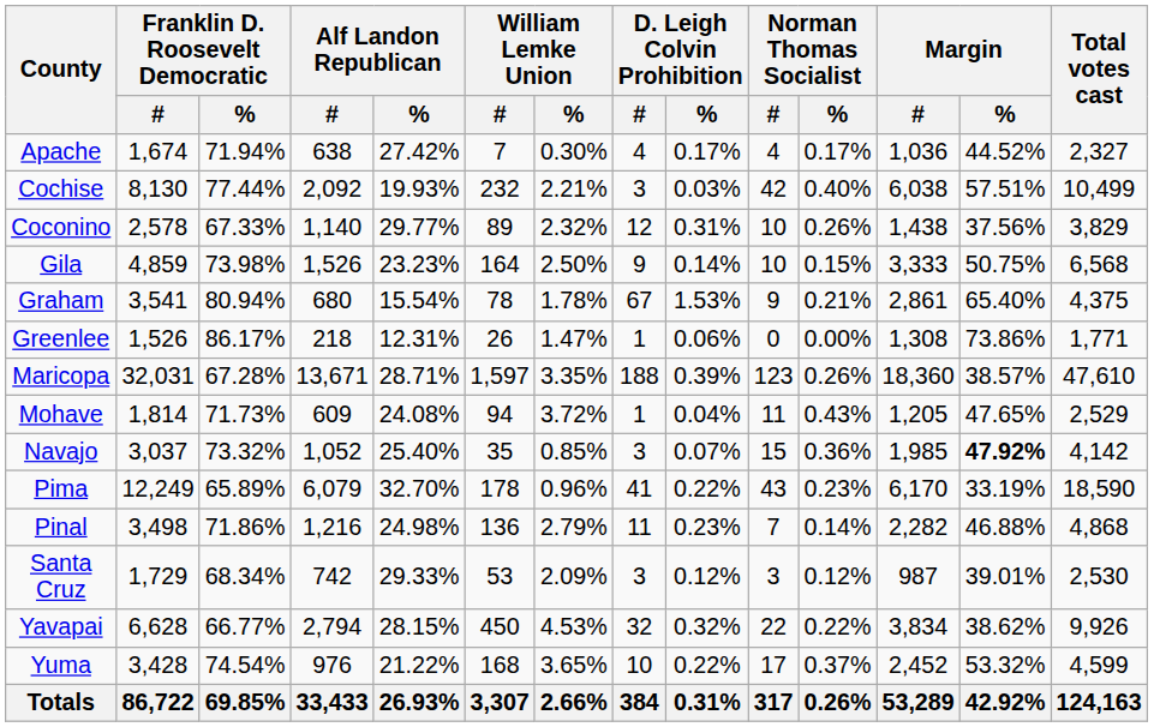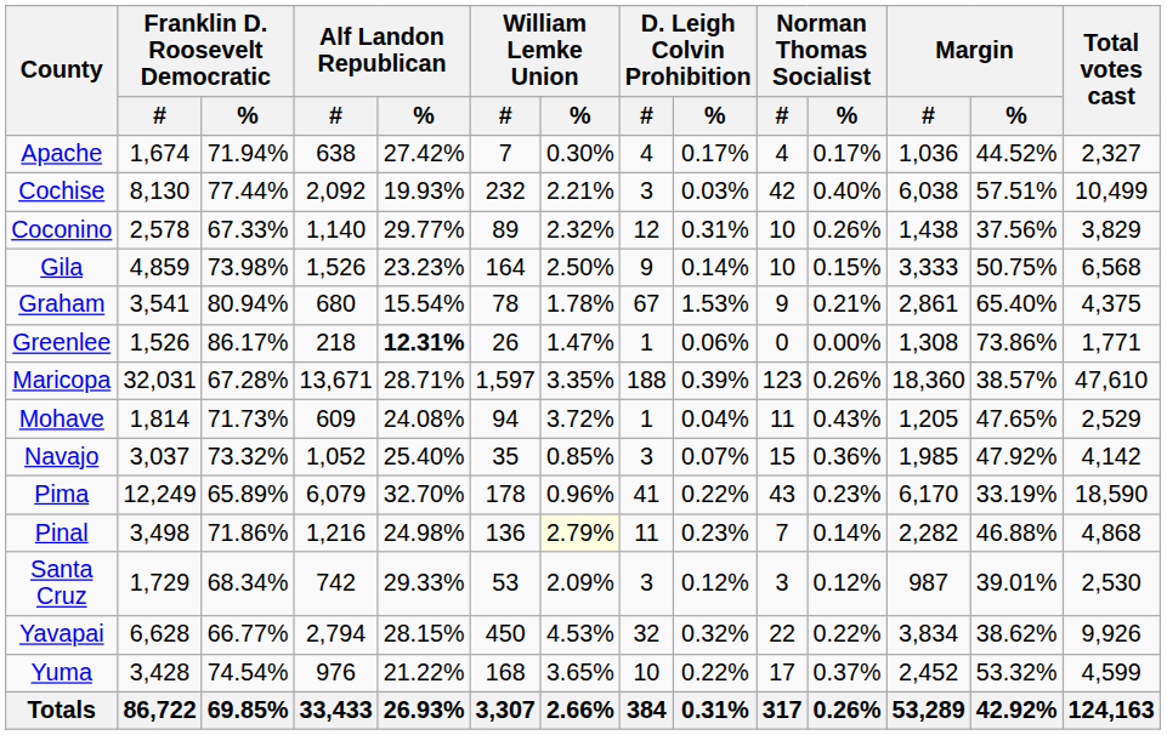 <table width="60%" class="wikitable sortable" style="text-align:center">
 <tr>
 <th style="text-align:center;" rowspan="2">County</th>
 <th style="text-align:center;" colspan="2">Franklin D. Roosevelt<br>Democratic</th>
 <th style="text-align:center;" colspan="2">Alf Landon<br>Republican</th>
 <th style="text-align:center;" colspan="2">William Lemke<br>Union</th>
 <th style="text-align:center;" colspan="2">D. Leigh Colvin<br>Prohibition</th>
 <th style="text-align:center;" colspan="2">Norman Thomas<br>Socialist</th>
 <th style="text-align:center;" colspan="2">Margin</th>
 <th style="text-align:center;" rowspan="2">Total votes cast</th>
 </tr>
 <tr>
 <th style="text-align:center;" data-sort-type="number">#</th>
 <th style="text-align:center;" data-sort-type="number">%</th>
 <th style="text-align:center;" data-sort-type="number">#</th>
 <th style="text-align:center;" data-sort-type="number">%</th>
 <th style="text-align:center;" data-sort-type="number">#</th>
 <th style="text-align:center;" data-sort-type="number">%</th>
 <th style="text-align:center;" data-sort-type="number">#</th>
 <th style="text-align:center;" data-sort-type="number">%</th>
 <th style="text-align:center;" data-sort-type="number">#</th>
 <th style="text-align:center;" data-sort-type="number">%</th>
 <th style="text-align:center;" data-sort-type="number">#</th>
 <th style="text-align:center;" data-sort-type="number">%</th>
 </tr>
 <tr style="text-align:center;">
 <td><a href='#'>Apache</a></td>
 <td>1,674</td>
 <td>71.94%</td>
 <td>638</td>
 <td>27.42%</td>
 <td>7</td>
 <td>0.30%</td>
 <td>4</td>
 <td>0.17%</td>
 <td>4</td>
 <td>0.17%</td>
 <td>1,036</td>
 <td>44.52%</td>
 <td>2,327</td>
 </tr>
 <tr style="text-align:center;">
 <td><a href='#'>Cochise</a></td>
 <td>8,130</td>
 <td>77.44%</td>
 <td>2,092</td>
 <td>19.93%</td>
 <td>232</td>
 <td>2.21%</td>
 <td>3</td>
 <td>0.03%</td>
 <td>42</td>
 <td>0.40%</td>
 <td>6,038</td>
 <td>57.51%</td>
 <td>10,499</td>
 </tr>
 <tr style="text-align:center;">
 <td><a href='#'>Coconino</a></td>
 <td>2,578</td>
 <td>67.33%</td>
 <td>1,140</td>
 <td>29.77%</td>
 <td>89</td>
 <td>2.32%</td>
 <td>12</td>
 <td>0.31%</td>
 <td>10</td>
 <td>0.26%</td>
 <td>1,438</td>
 <td>37.56%</td>
 <td>3,829</td>
 </tr>
 <tr style="text-align:center;">
 <td><a href='#'>Gila</a></td>
 <td>4,859</td>
 <td>73.98%</td>
 <td>1,526</td>
 <td>23.23%</td>
 <td>164</td>
 <td>2.50%</td>
 <td>9</td>
 <td>0.14%</td>
 <td>10</td>
 <td>0.15%</td>
 <td>3,333</td>
 <td>50.75%</td>
 <td>6,568</td>
 </tr>
 <tr style="text-align:center;">
 <td><a href='#'>Graham</a></td>
 <td>3,541</td>
 <td>80.94%</td>
 <td>680</td>
 <td>15.54%</td>
 <td>78</td>
 <td>1.78%</td>
 <td>67</td>
 <td>1.53%</td>
 <td>9</td>
 <td>0.21%</td>
 <td>2,861</td>
 <td>65.40%</td>
 <td>4,375</td>
 </tr>
 <tr style="text-align:center;">
 <td><a href='#'>Greenlee</a></td>
 <td>1,526</td>
 <td>86.17%</td>
 <td>218</td>
-<td>12.31%</td>
+<td><strong>12.31%</strong></td>
 <td>26</td>
 <td>1.47%</td>
 <td>1</td>
 <td>0.06%</td>
 <td>0</td>
 <td>0.00%</td>
 <td>1,308</td>
 <td>73.86%</td>
 <td>1,771</td>
 </tr>
 <tr style="text-align:center;">
 <td><a href='#'>Maricopa</a></td>
 <td>32,031</td>
 <td>67.28%</td>
 <td>13,671</td>
 <td>28.71%</td>
 <td>1,597</td>
 <td>3.35%</td>
 <td>188</td>
 <td>0.39%</td>
 <td>123</td>
 <td>0.26%</td>
 <td>18,360</td>
 <td>38.57%</td>
 <td>47,610</td>
 </tr>
 <tr style="text-align:center;">
 <td><a href='#'>Mohave</a></td>
 <td>1,814</td>
 <td>71.73%</td>
 <td>609</td>
 <td>24.08%</td>
 <td>94</td>
 <td>3.72%</td>
 <td>1</td>
 <td>0.04%</td>
 <td>11</td>
 <td>0.43%</td>
 <td>1,205</td>
 <td>47.65%</td>
 <td>2,529</td>
 </tr>
 <tr style="text-align:center;">
 <td><a href='#'>Navajo</a></td>
 <td>3,037</td>
 <td>73.32%</td>
 <td>1,052</td>
 <td>25.40%</td>
 <td>35</td>
 <td>0.85%</td>
 <td>3</td>
 <td>0.07%</td>
 <td>15</td>
 <td>0.36%</td>
 <td>1,985</td>
-<td><strong>47.92%</strong></td>
+<td>47.92%</td>
 <td>4,142</td>
 </tr>
 <tr style="text-align:center;">
 <td><a href='#'>Pima</a></td>
 <td>12,249</td>
 <td>65.89%</td>
 <td>6,079</td>
 <td>32.70%</td>
 <td>178</td>
 <td>0.96%</td>
 <td>41</td>
 <td>0.22%</td>
 <td>43</td>
 <td>0.23%</td>
 <td>6,170</td>
 <td>33.19%</td>
 <td>18,590</td>
 </tr>
 <tr style="text-align:center;">
 <td><a href='#'>Pinal</a></td>
 <td>3,498</td>
 <td>71.86%</td>
 <td>1,216</td>
 <td>24.98%</td>
 <td>136</td>
-<td>2.79%</td>
+<td style="background: lightyellow;">2.79%</td>
 <td>11</td>
 <td>0.23%</td>
 <td>7</td>
 <td>0.14%</td>
 <td>2,282</td>
 <td>46.88%</td>
 <td>4,868</td>
 </tr>
 <tr style="text-align:center;">
 <td><a href='#'>Santa Cruz</a></td>
 <td>1,729</td>
 <td>68.34%</td>
 <td>742</td>
 <td>29.33%</td>
 <td>53</td>
 <td>2.09%</td>
 <td>3</td>
 <td>0.12%</td>
 <td>3</td>
 <td>0.12%</td>
 <td>987</td>
 <td>39.01%</td>
 <td>2,530</td>
 </tr>
 <tr style="text-align:center;">
 <td><a href='#'>Yavapai</a></td>
 <td>6,628</td>
 <td>66.77%</td>
 <td>2,794</td>
 <td>28.15%</td>
 <td>450</td>
 <td>4.53%</td>
 <td>32</td>
 <td>0.32%</td>
 <td>22</td>
 <td>0.22%</td>
 <td>3,834</td>
 <td>38.62%</td>
 <td>9,926</td>
 </tr>
 <tr style="text-align:center;">
 <td><a href='#'>Yuma</a></td>
 <td>3,428</td>
 <td>74.54%</td>
 <td>976</td>
 <td>21.22%</td>
 <td>168</td>
 <td>3.65%</td>
 <td>10</td>
 <td>0.22%</td>
 <td>17</td>
 <td>0.37%</td>
 <td>2,452</td>
 <td>53.32%</td>
 <td>4,599</td>
 </tr>
 <tr style="text-align:center;">
 <th>Totals</th>
 <th>86,722</th>
 <th>69.85%</th>
 <th>33,433</th>
 <th>26.93%</th>
 <th>3,307</th>
 <th>2.66%</th>
 <th>384</th>
 <th>0.31%</th>
 <th>317</th>
 <th>0.26%</th>
 <th>53,289</th>
 <th>42.92%</th>
 <th>124,163</th>
 </tr>
 </table>
